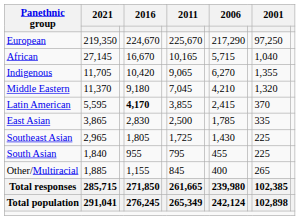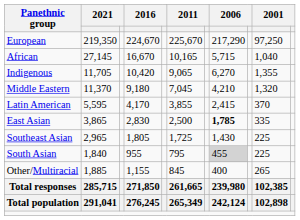 <table class="wikitable collapsible sortable">
 <tr>
 <th rowspan="2"><a href='#'>Panethnic</a><br>group</th>
 <th colspan="2">2021</th>
 <th colspan="2">2016</th>
 <th colspan="2">2011</th>
 <th colspan="2">2006</th>
 <th colspan="2">2001</th>
 </tr>
 <tr>
 <th><a href='#'></a></th>
 <th></th>
 <th></th>
 <th></th>
 <th></th>
 <th></th>
 <th></th>
 <th></th>
 <th></th>
 <th></th>
 </tr>
 <tr>
 <td><a href='#'>European</a></td>
 <td>219,350</td>
 <td></td>
 <td>224,670</td>
 <td></td>
 <td>225,670</td>
 <td></td>
 <td>217,290</td>
 <td></td>
 <td>97,250</td>
 <td></td>
 </tr>
 <tr>
 <td><a href='#'>African</a></td>
 <td>27,145</td>
 <td></td>
 <td>16,670</td>
 <td></td>
 <td>10,165</td>
 <td></td>
 <td>5,715</td>
 <td></td>
 <td>1,040</td>
 <td></td>
 </tr>
 <tr>
 <td><a href='#'>Indigenous</a></td>
 <td>11,705</td>
 <td></td>
 <td>10,420</td>
 <td></td>
 <td>9,065</td>
 <td></td>
 <td>6,270</td>
 <td></td>
 <td>1,355</td>
 <td></td>
 </tr>
 <tr>
 <td><a href='#'>Middle Eastern</a></td>
 <td>11,370</td>
 <td></td>
 <td>9,180</td>
 <td></td>
 <td>7,045</td>
 <td></td>
 <td>4,210</td>
 <td></td>
 <td>1,320</td>
 <td></td>
 </tr>
 <tr>
 <td><a href='#'>Latin American</a></td>
 <td>5,595</td>
 <td></td>
-<td><strong>4,170</strong></td>
+<td>4,170</td>
 <td></td>
 <td>3,855</td>
 <td></td>
 <td>2,415</td>
 <td></td>
 <td>370</td>
 <td></td>
 </tr>
 <tr>
 <td><a href='#'>East Asian</a></td>
 <td>3,865</td>
 <td></td>
 <td>2,830</td>
 <td></td>
 <td>2,500</td>
 <td></td>
-<td>1,785</td>
+<td><strong>1,785</strong></td>
 <td></td>
 <td>335</td>
 <td></td>
 </tr>
 <tr>
 <td><a href='#'>Southeast Asian</a></td>
 <td>2,965</td>
 <td></td>
 <td>1,805</td>
 <td></td>
 <td>1,725</td>
 <td></td>
 <td>1,430</td>
 <td></td>
 <td>225</td>
 <td></td>
 </tr>
 <tr>
 <td><a href='#'>South Asian</a></td>
 <td>1,840</td>
 <td></td>
 <td>955</td>
 <td></td>
 <td>795</td>
 <td></td>
-<td>455</td>
+<td style="background: lightgrey;">455</td>
 <td></td>
 <td>225</td>
 <td></td>
 </tr>
 <tr>
 <td>Other/<a href='#'>Multiracial</a></td>
 <td>1,885</td>
 <td></td>
 <td>1,155</td>
 <td></td>
 <td>845</td>
 <td></td>
 <td>400</td>
 <td></td>
 <td>265</td>
 <td></td>
 </tr>
 <tr>
 <th>Total responses</th>
 <th>285,715</th>
 <th></th>
 <th>271,850</th>
 <th></th>
 <th>261,665</th>
 <th></th>
 <th>239,980</th>
 <th></th>
 <th>102,385</th>
 <th></th>
 </tr>
 <tr>
 <th>Total population</th>
 <th>291,041</th>
 <th></th>
 <th>276,245</th>
 <th></th>
 <th>265,349</th>
 <th></th>
 <th>242,124</th>
 <th></th>
 <th>102,898</th>
 <th></th>
 </tr>
 <tr class="sortbottom">
 <td colspan="15"></td>
 </tr>
 </table>
